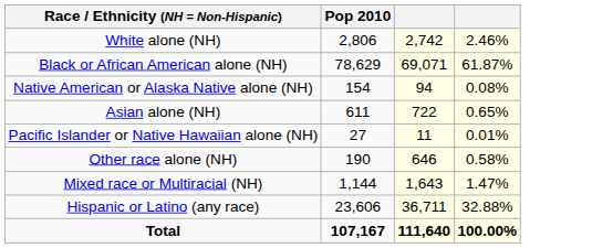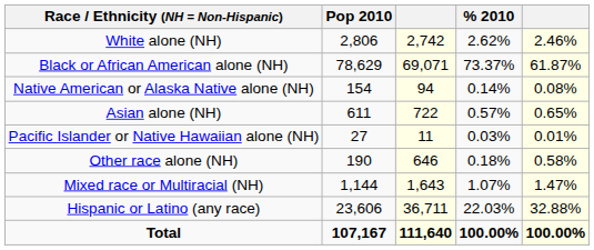 <table class="wikitable" style="text-align:center;">
 <tr>
 <th>Race / Ethnicity <small>(<em>NH = Non-Hispanic</em>)</small></th>
 <th>Pop 2010</th>
 <th></th>
+<th>% 2010</th>
 <th></th>
 </tr>
 <tr>
 <td><a href='#'>White</a> alone (NH)</td>
 <td>2,806</td>
 <td style='background: #ffffe6;'>2,742</td>
+<td>2.62%</td>
 <td style='background: #ffffe6;'>2.46%</td>
 </tr>
 <tr>
 <td><a href='#'>Black or African American</a> alone (NH)</td>
 <td>78,629</td>
 <td style='background: #ffffe6;'>69,071</td>
+<td>73.37%</td>
 <td style='background: #ffffe6;'>61.87%</td>
 </tr>
 <tr>
 <td><a href='#'>Native American</a> or <a href='#'>Alaska Native</a> alone (NH)</td>
 <td>154</td>
 <td style='background: #ffffe6;'>94</td>
+<td>0.14%</td>
 <td style='background: #ffffe6;'>0.08%</td>
 </tr>
 <tr>
 <td><a href='#'>Asian</a> alone (NH)</td>
 <td>611</td>
 <td style='background: #ffffe6;'>722</td>
+<td>0.57%</td>
 <td style='background: #ffffe6;'>0.65%</td>
 </tr>
 <tr>
 <td><a href='#'>Pacific Islander</a> or <a href='#'>Native Hawaiian</a> alone (NH)</td>
 <td>27</td>
 <td style='background: #ffffe6;'>11</td>
+<td>0.03%</td>
 <td style='background: #ffffe6;'>0.01%</td>
 </tr>
 <tr>
 <td><a href='#'>Other race</a> alone (NH)</td>
 <td>190</td>
 <td style='background: #ffffe6;'>646</td>
+<td>0.18%</td>
 <td style='background: #ffffe6;'>0.58%</td>
 </tr>
 <tr>
 <td><a href='#'>Mixed race or Multiracial</a> (NH)</td>
 <td>1,144</td>
 <td style='background: #ffffe6;'>1,643</td>
+<td>1.07%</td>
 <td style='background: #ffffe6;'>1.47%</td>
 </tr>
 <tr>
 <td><a href='#'>Hispanic or Latino</a> (any race)</td>
 <td>23,606</td>
 <td style='background: #ffffe6;'>36,711</td>
+<td>22.03%</td>
 <td style='background: #ffffe6;'>32.88%</td>
 </tr>
 <tr>
 <td><strong>Total</strong></td>
 <td><strong>107,167</strong></td>
 <td style='background: #ffffe6;'><strong>111,640</strong></td>
+<td><strong>100.00%</strong></td>
 <td style='background: #ffffe6;'><strong>100.00%</strong></td>
 </tr>
 </table>
